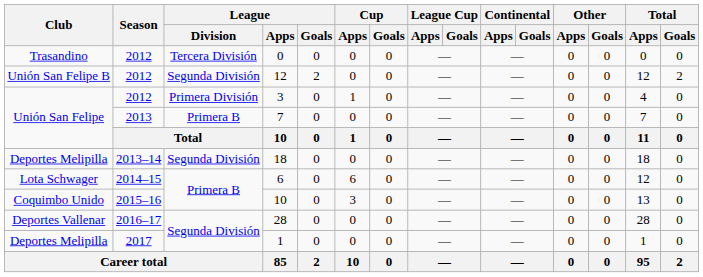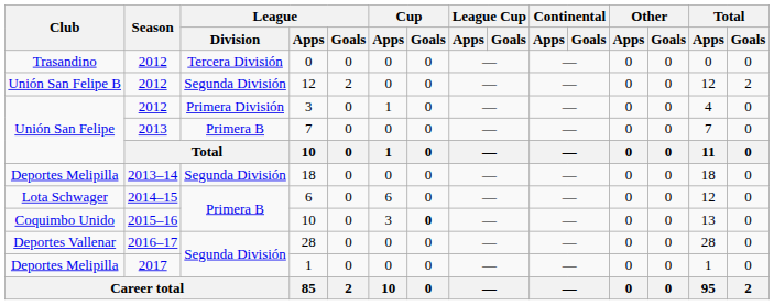 <table class="wikitable" style="text-align:center">
 <tr>
 <th rowspan="2">Club</th>
 <th rowspan="2">Season</th>
 <th colspan="3">League</th>
 <th colspan="2">Cup</th>
 <th colspan="2">League Cup</th>
 <th colspan="2">Continental</th>
 <th colspan="2">Other</th>
 <th colspan="2">Total</th>
 </tr>
 <tr>
 <th>Division</th>
 <th>Apps</th>
 <th>Goals</th>
 <th>Apps</th>
 <th>Goals</th>
 <th>Apps</th>
 <th>Goals</th>
 <th>Apps</th>
 <th>Goals</th>
 <th>Apps</th>
 <th>Goals</th>
 <th>Apps</th>
 <th>Goals</th>
 </tr>
 <tr>
 <td rowspan="1"><a href='#'>Trasandino</a></td>
 <td><a href='#'>2012</a></td>
 <td rowspan="1"><a href='#'>Tercera División</a></td>
 <td>0</td>
 <td>0</td>
 <td>0</td>
 <td>0</td>
 <td colspan="2">—</td>
 <td colspan="2">—</td>
 <td>0</td>
 <td>0</td>
 <td>0</td>
 <td>0</td>
 </tr>
 <tr>
 <td rowspan="1"><a href='#'>Unión San Felipe B</a></td>
 <td><a href='#'>2012</a></td>
 <td rowspan="1"><a href='#'>Segunda División</a></td>
 <td>12</td>
 <td>2</td>
 <td>0</td>
 <td>0</td>
 <td colspan="2">—</td>
 <td colspan="2">—</td>
 <td>0</td>
 <td>0</td>
 <td>12</td>
 <td>2</td>
 </tr>
 <tr>
 <td rowspan="3"><a href='#'>Unión San Felipe</a></td>
 <td><a href='#'>2012</a></td>
 <td rowspan="1"><a href='#'>Primera División</a></td>
 <td>3</td>
 <td>0</td>
 <td>1</td>
 <td>0</td>
 <td colspan="2">—</td>
 <td colspan="2">—</td>
 <td>0</td>
 <td>0</td>
 <td>4</td>
 <td>0</td>
 </tr>
 <tr>
 <td><a href='#'>2013</a></td>
 <td rowspan="1"><a href='#'>Primera B</a></td>
 <td>7</td>
 <td>0</td>
 <td>0</td>
 <td>0</td>
 <td colspan="2">—</td>
 <td colspan="2">—</td>
 <td>0</td>
 <td>0</td>
 <td>7</td>
 <td>0</td>
 </tr>
 <tr>
 <th colspan="2">Total</th>
 <th>10</th>
 <th>0</th>
 <th>1</th>
 <th>0</th>
 <th colspan="2">—</th>
 <th colspan="2">—</th>
 <th>0</th>
 <th>0</th>
 <th>11</th>
 <th>0</th>
 </tr>
 <tr>
 <td rowspan="1"><a href='#'>Deportes Melipilla</a></td>
 <td><a href='#'>2013–14</a></td>
 <td rowspan="1"><a href='#'>Segunda División</a></td>
 <td>18</td>
 <td>0</td>
 <td>0</td>
 <td>0</td>
 <td colspan="2">—</td>
 <td colspan="2">—</td>
 <td>0</td>
 <td>0</td>
 <td>18</td>
 <td>0</td>
 </tr>
 <tr>
 <td rowspan="1"><a href='#'>Lota Schwager</a></td>
 <td><a href='#'>2014–15</a></td>
 <td rowspan="2"><a href='#'>Primera B</a></td>
 <td>6</td>
 <td>0</td>
 <td>6</td>
 <td>0</td>
 <td colspan="2">—</td>
 <td colspan="2">—</td>
 <td>0</td>
 <td>0</td>
 <td>12</td>
 <td>0</td>
 </tr>
 <tr>
 <td rowspan="1"><a href='#'>Coquimbo Unido</a></td>
 <td><a href='#'>2015–16</a></td>
 <td>10</td>
 <td>0</td>
 <td>3</td>
-<td>0</td>
+<td><strong>0</strong></td>
 <td colspan="2">—</td>
 <td colspan="2">—</td>
 <td>0</td>
 <td>0</td>
 <td>13</td>
 <td>0</td>
 </tr>
 <tr>
 <td rowspan="1"><a href='#'>Deportes Vallenar</a></td>
 <td><a href='#'>2016–17</a></td>
 <td rowspan="2"><a href='#'>Segunda División</a></td>
 <td>28</td>
 <td>0</td>
 <td>0</td>
 <td>0</td>
 <td colspan="2">—</td>
 <td colspan="2">—</td>
 <td>0</td>
 <td>0</td>
 <td>28</td>
 <td>0</td>
 </tr>
 <tr>
 <td rowspan="1"><a href='#'>Deportes Melipilla</a></td>
 <td><a href='#'>2017</a></td>
 <td>1</td>
 <td>0</td>
 <td>0</td>
 <td>0</td>
 <td colspan="2">—</td>
 <td colspan="2">—</td>
 <td>0</td>
 <td>0</td>
 <td>1</td>
 <td>0</td>
 </tr>
 <tr>
 <th colspan="3">Career total</th>
 <th>85</th>
 <th>2</th>
 <th>10</th>
 <th>0</th>
 <th colspan="2">—</th>
 <th colspan="2">—</th>
 <th>0</th>
 <th>0</th>
 <th>95</th>
 <th>2</th>
 </tr>
 </table>
